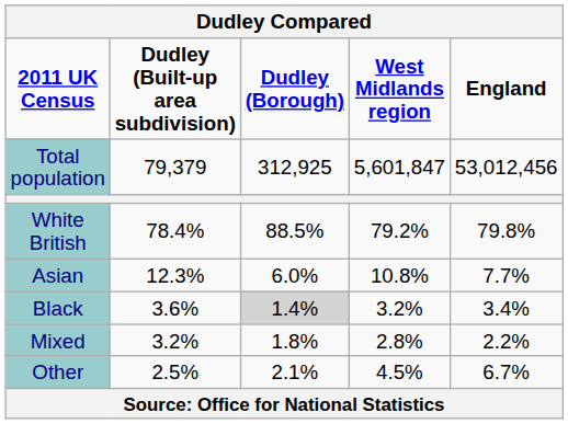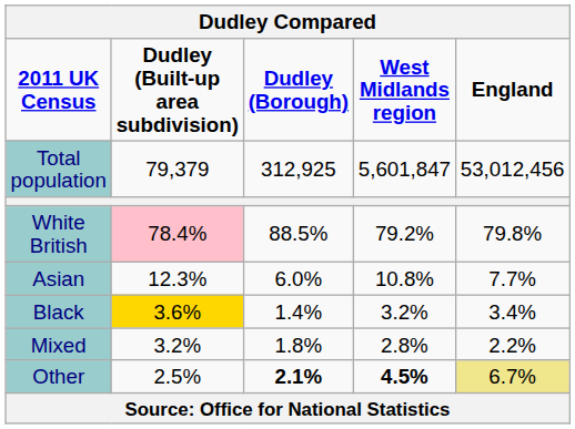 <table class="wikitable" id="toc" style="float: right; margin-left: 1em; width: 40%; font-size: 90%; text-align:center" cellspacing="5">
 <tr>
 <th colspan="5"><strong>Dudley Compared</strong></th>
 </tr>
 <tr>
 <td><strong><a href='#'>2011 UK Census</a></strong></td>
 <td><strong>Dudley<br>(Built-up area subdivision)</strong></td>
 <td><strong><a href='#'>Dudley (Borough)</a></strong></td>
 <td><strong><a href='#'>West Midlands region</a></strong></td>
 <td><strong>England</strong></td>
 </tr>
 <tr>
 <td style="background:#9cc; color:navy;">Total population</td>
 <td>79,379</td>
 <td>312,925</td>
 <td>5,601,847</td>
 <td>53,012,456</td>
 </tr>
 <tr>
 <th colspan="5"></th>
 </tr>
 <tr>
 <td style="background:#9cc; color:navy;">White British</td>
-<td>78.4%</td>
+<td style="background: pink;">78.4%</td>
 <td>88.5%</td>
 <td>79.2%</td>
 <td>79.8%</td>
 </tr>
 <tr>
 <td style="background:#9cc; color:navy;">Asian</td>
 <td>12.3%</td>
 <td>6.0%</td>
 <td>10.8%</td>
 <td>7.7%</td>
 </tr>
 <tr>
 <td style="background:#9cc; color:navy;">Black</td>
-<td>3.6%</td>
-<td style="background: lightgrey;">1.4%</td>
+<td style="background: gold;">3.6%</td>
+<td>1.4%</td>
 <td>3.2%</td>
 <td>3.4%</td>
 </tr>
 <tr>
 <td style="background:#9cc; color:navy;">Mixed</td>
 <td>3.2%</td>
 <td>1.8%</td>
 <td>2.8%</td>
 <td>2.2%</td>
 </tr>
 <tr>
 <td style="background:#9cc; color:navy;">Other</td>
 <td>2.5%</td>
-<td>2.1%</td>
-<td>4.5%</td>
-<td>6.7%</td>
+<td><strong>2.1%</strong></td>
+<td><strong>4.5%</strong></td>
+<td style="background: khaki;">6.7%</td>
 </tr>
 <tr>
 <th colspan="5" style="font-size:90%;">Source: Office for National Statistics</th>
 </tr>
 </table>
